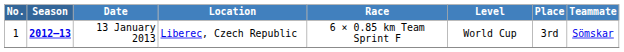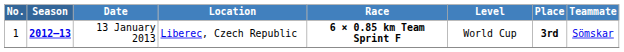 <table class="wikitable sortable" style="font-size:95%; text-align:center; border:grey solid 1px; border-collapse:collapse; background:#ffffff;">
 <tr style="background:#efefef;">
 <th style="background-color:#369; color:white;">No.</th>
 <th style="background-color:#369; color:white;">Season</th>
 <th style="background-color:#4180be; color:white; width:100px;">Date</th>
 <th style="background-color:#4180be; color:white; width:180px;">Location</th>
 <th style="background-color:#4180be; color:white; width:170px;">Race</th>
 <th style="background-color:#4180be; color:white; width:100px;">Level</th>
 <th style="background-color:#4180be; color:white;">Place</th>
 <th style="background-color:#4180be; color:white;">Teammate</th>
 </tr>
 <tr>
 <td align=center>1</td>
 <td rowspan=1 align=center><strong><a href='#'>2012–13</a></strong></td>
 <td align=right>13 January 2013</td>
 <td align=left> <a href='#'>Liberec</a>, Czech Republic</td>
-<td>6 × 0.85 km Team Sprint F</td>
+<td><strong>6 × 0.85 km Team Sprint F</strong></td>
 <td>World Cup</td>
-<td>3rd</td>
+<td><strong>3rd</strong></td>
 <td><a href='#'>Sömskar</a></td>
 </tr>
 <tr>
 </tr>
 </table>
